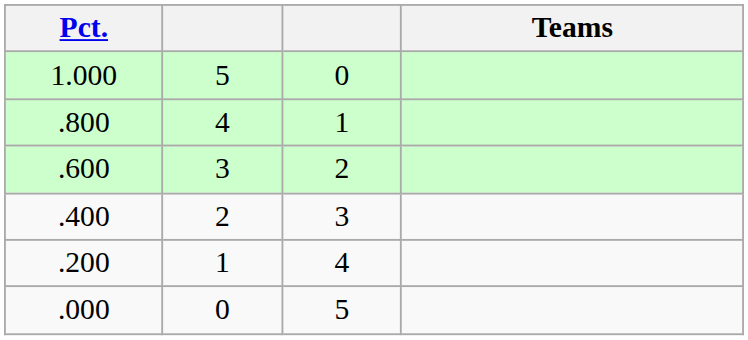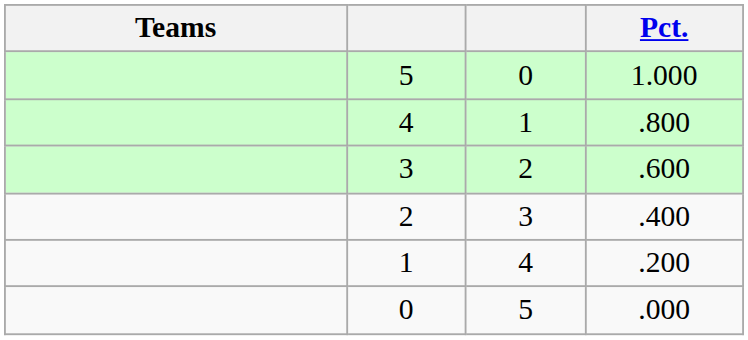 <table class="wikitable" width="400" style="text-align:center;">
 <tr>
-<th width="8%"><a href='#'>Pct.</a></th>
+<th width="20%">Teams</th>
 <th width="7%"></th>
 <th width="7%"></th>
-<th width="20%">Teams</th>
+<th width="8%"><a href='#'>Pct.</a></th>
 </tr>
 <tr style="background-color:#cfc">
-<td>1.000</td>
+<td align=left></td>
 <td>5</td>
 <td>0</td>
-<td align=left></td>
+<td>1.000</td>
 </tr>
 <tr style="background-color:#cfc">
-<td>.800</td>
+<td align=left></td>
 <td>4</td>
 <td>1</td>
-<td align=left></td>
+<td>.800</td>
 </tr>
 <tr style="background-color:#cfc">
-<td>.600</td>
+<td align=left></td>
 <td>3</td>
 <td>2</td>
-<td align=left></td>
+<td>.600</td>
 </tr>
 <tr>
-<td>.400</td>
+<td align=left></td>
 <td>2</td>
 <td>3</td>
-<td align=left></td>
+<td>.400</td>
 </tr>
 <tr>
-<td>.200</td>
+<td align=left></td>
 <td>1</td>
 <td>4</td>
-<td align=left></td>
+<td>.200</td>
 </tr>
 <tr>
-<td>.000</td>
+<td align=left></td>
 <td>0</td>
 <td>5</td>
-<td align=left></td>
+<td>.000</td>
 </tr>
 </table>
